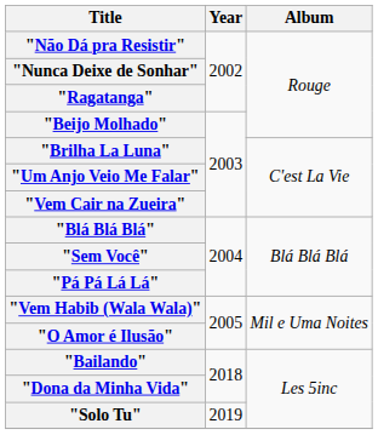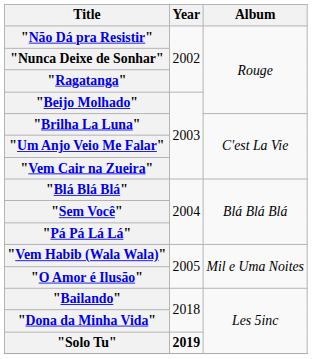 <table class="wikitable plainrowheaders" style="text-align:center;">
 <tr>
 <th scope="col">Title</th>
 <th scope="col">Year</th>
 <th scope="col">Album</th>
 </tr>
 <tr>
 <th scope="row">"<a href='#'>Não Dá pra Resistir</a>"</th>
 <td rowspan="3">2002</td>
 <td rowspan="4"><em>Rouge</em></td>
 </tr>
 <tr>
 <th scope="row">"Nunca Deixe de Sonhar"<br></th>
 </tr>
 <tr>
 <th scope="row">"<a href='#'>Ragatanga</a>"</th>
 </tr>
 <tr>
 <th scope="row">"<a href='#'>Beijo Molhado</a>"</th>
 <td rowspan="4">2003</td>
 </tr>
 <tr>
 <th scope="row">"<a href='#'>Brilha La Luna</a>"</th>
 <td rowspan="3"><em>C'est La Vie</em></td>
 </tr>
 <tr>
 <th scope="row">"<a href='#'>Um Anjo Veio Me Falar</a>"</th>
 </tr>
 <tr>
 <th scope="row">"<a href='#'>Vem Cair na Zueira</a>"</th>
 </tr>
 <tr>
 <th scope="row">"<a href='#'>Blá Blá Blá</a>"</th>
 <td rowspan="3">2004</td>
 <td rowspan="3"><em>Blá Blá Blá</em></td>
 </tr>
 <tr>
 <th scope="row">"<a href='#'>Sem Você</a>"</th>
 </tr>
 <tr>
 <th scope="row">"<a href='#'>Pá Pá Lá Lá</a>"</th>
 </tr>
 <tr>
 <th scope="row">"<a href='#'>Vem Habib (Wala Wala)</a>"</th>
 <td rowspan="2">2005</td>
 <td rowspan="2"><em>Mil e Uma Noites</em></td>
 </tr>
 <tr>
 <th scope="row">"<a href='#'>O Amor é Ilusão</a>"</th>
 </tr>
 <tr>
 <th scope="row">"<a href='#'>Bailando</a>"</th>
 <td rowspan="2">2018</td>
 <td rowspan="3"><em>Les 5inc</em></td>
 </tr>
 <tr>
 <th scope="row">"<a href='#'>Dona da Minha Vida</a>"</th>
 </tr>
 <tr>
 <th scope="row">"Solo Tu"</th>
-<td>2019</td>
+<td><strong>2019</strong></td>
 </tr>
 <tr>
 </tr>
 </table>
